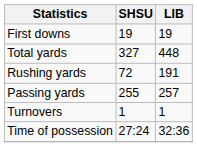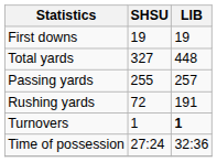 <table class="wikitable" style="float: left;">
 <tr>
 <th>Statistics</th>
 <th>SHSU</th>
 <th>LIB</th>
 </tr>
 <tr>
 <td>First downs</td>
 <td>19</td>
 <td>19</td>
 </tr>
 <tr>
 <td>Total yards</td>
 <td>327</td>
 <td>448</td>
 </tr>
 <tr>
+<td>Passing yards</td>
+<td>255</td>
+<td>257</td>
+</tr>
+<tr>
 <td>Rushing yards</td>
 <td>72</td>
 <td>191</td>
 </tr>
 <tr>
-<td>Passing yards</td>
-<td>255</td>
-<td>257</td>
-</tr>
-<tr>
 <td>Turnovers</td>
 <td>1</td>
-<td>1</td>
+<td><strong>1</strong></td>
 </tr>
 <tr>
 <td>Time of possession</td>
 <td>27:24</td>
 <td>32:36</td>
 </tr>
 <tr>
 </tr>
 </table>
